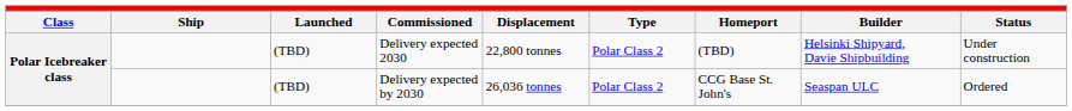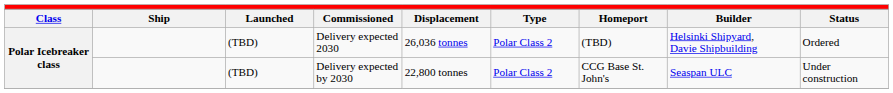 <table class="wikitable" style="margin:auto; width:100%;">
 <tr>
 <th style="align: center; background: #FF0000;" colspan="9"><strong></strong></th>
 </tr>
 <tr>
 </tr>
 <tr>
 <th style="text-align:center; width:10%;"><a href='#'>Class</a></th>
 <th style="text-align:center; width:15%;">Ship</th>
 <th style="text-align:center; width:10%;">Launched</th>
 <th style="text-align:center; width:10%;">Commissioned</th>
 <th style="text-align:center; width:10%;">Displacement</th>
 <th style="text-align:center; width:10%;">Type</th>
 <th style="text-align:center; width:10%;">Homeport</th>
 <th style="text-align:center; width:15%;">Builder</th>
 <th style="text-align:center; width:10%;">Status</th>
 </tr>
 <tr>
 <th rowspan="2">Polar Icebreaker class</th>
 <td></td>
 <td>(TBD)</td>
 <td>Delivery expected 2030</td>
-<td>22,800 tonnes</td>
+<td>26,036 <a href='#'>tonnes</a></td>
 <td><a href='#'>Polar Class 2</a></td>
 <td>(TBD)</td>
 <td><a href='#'>Helsinki Shipyard</a>,<br><a href='#'>Davie Shipbuilding</a></td>
-<td>Under construction</td>
+<td>Ordered</td>
 </tr>
 <tr>
 <td></td>
 <td>(TBD)</td>
 <td>Delivery expected by 2030</td>
-<td>26,036 <a href='#'>tonnes</a></td>
+<td>22,800 tonnes</td>
 <td><a href='#'>Polar Class 2</a></td>
 <td>CCG Base St. John's</td>
 <td><a href='#'>Seaspan ULC</a></td>
-<td>Ordered</td>
+<td>Under construction</td>
 </tr>
 <tr>
 </tr>
 </table>
